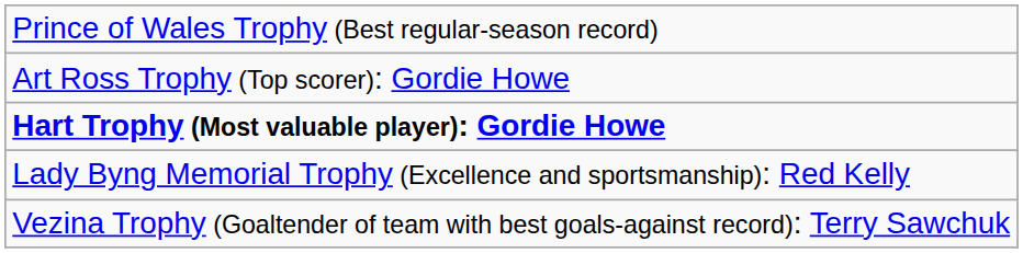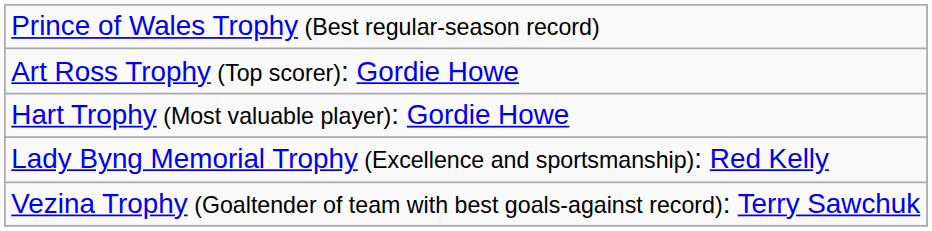 <table class="wikitable">
 <tr>
 <td><a href='#'>Prince of Wales Trophy</a><small> (Best regular-season record)</small></td>
 </tr>
 <tr>
 <td><a href='#'>Art Ross Trophy</a><small> (Top scorer)</small>: <a href='#'>Gordie Howe</a></td>
 </tr>
 <tr>
-<td><strong><a href='#'>Hart Trophy</a><small> (Most valuable player)</small>: <a href='#'>Gordie Howe</a></strong></td>
+<td><a href='#'>Hart Trophy</a><small> (Most valuable player)</small>: <a href='#'>Gordie Howe</a></td>
 </tr>
 <tr>
 <td><a href='#'>Lady Byng Memorial Trophy</a><small> (Excellence and sportsmanship)</small>: <a href='#'>Red Kelly</a></td>
 </tr>
 <tr>
 <td><a href='#'>Vezina Trophy</a><small> (Goaltender of team with best goals-against record)</small>: <a href='#'>Terry Sawchuk</a></td>
 </tr>
 </table>
